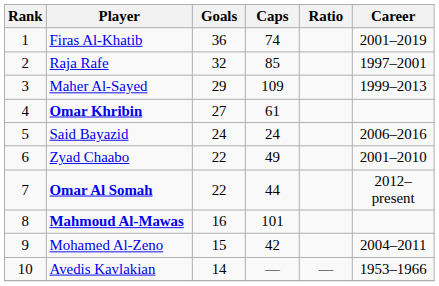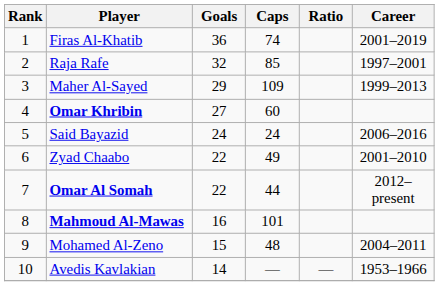 <table class="wikitable sortable" style="text-align:center">
 <tr>
 <th style=" width:30px;">Rank</th>
 <th style=" width:150px;">Player</th>
 <th style=" width:50px;">Goals</th>
 <th style=" width:50px;">Caps</th>
 <th style=" width:50px;">Ratio</th>
 <th style=" width:80px;">Career</th>
 </tr>
 <tr>
 <td>1</td>
 <td style="text-align:left"><a href='#'>Firas Al-Khatib</a></td>
 <td>36</td>
 <td>74</td>
 <td></td>
 <td>2001–2019</td>
 </tr>
 <tr>
 <td>2</td>
 <td style="text-align:left"><a href='#'>Raja Rafe</a></td>
 <td>32</td>
 <td>85</td>
 <td></td>
 <td>1997–2001</td>
 </tr>
 <tr>
 <td>3</td>
 <td style="text-align:left"><a href='#'>Maher Al-Sayed</a></td>
 <td>29</td>
 <td>109</td>
 <td></td>
 <td>1999–2013</td>
 </tr>
 <tr>
 <td>4</td>
 <td style="text-align:left"><strong><a href='#'>Omar Khribin</a></strong></td>
 <td>27</td>
-<td>61</td>
+<td>60</td>
 <td></td>
 <td></td>
 </tr>
 <tr>
 <td>5</td>
 <td style="text-align:left"><a href='#'>Said Bayazid</a></td>
 <td>24</td>
 <td>24</td>
 <td></td>
 <td>2006–2016</td>
 </tr>
 <tr>
 <td>6</td>
 <td style="text-align:left"><a href='#'>Zyad Chaabo</a></td>
 <td>22</td>
 <td>49</td>
 <td></td>
 <td>2001–2010</td>
 </tr>
 <tr>
 <td>7</td>
 <td style="text-align:left"><strong><a href='#'>Omar Al Somah</a></strong></td>
 <td>22</td>
 <td>44</td>
 <td></td>
 <td>2012–present</td>
 </tr>
 <tr>
 <td>8</td>
 <td style="text-align:left"><strong><a href='#'>Mahmoud Al-Mawas</a></strong></td>
 <td>16</td>
 <td>101</td>
 <td></td>
 <td></td>
 </tr>
 <tr>
 <td rowspan=1>9</td>
 <td style="text-align:left"><a href='#'>Mohamed Al-Zeno</a></td>
 <td>15</td>
-<td>42</td>
+<td>48</td>
 <td></td>
 <td>2004–2011</td>
 </tr>
 <tr>
 <td>10</td>
 <td style="text-align:left"><a href='#'>Avedis Kavlakian</a></td>
 <td>14</td>
 <td>—</td>
 <td>—</td>
 <td>1953–1966</td>
 </tr>
 <tr>
 </tr>
 </table>
